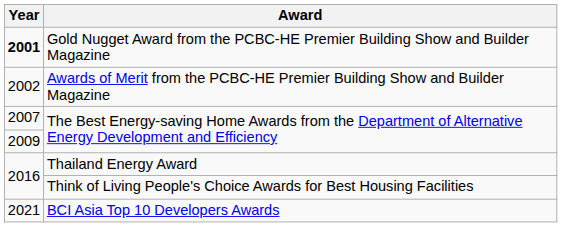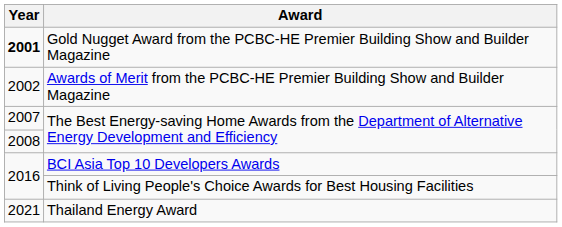 <table class="wikitable">
 <tr>
 <th>Year</th>
 <th>Award</th>
 </tr>
 <tr>
 <td><strong>2001</strong></td>
 <td>Gold Nugget Award from the PCBC-HE Premier Building Show and Builder Magazine</td>
 </tr>
 <tr>
 <td>2002</td>
 <td><a href='#'>Awards of Merit</a> from the PCBC-HE Premier Building Show and Builder Magazine</td>
 </tr>
 <tr>
 <td>2007</td>
 <td rowspan="2">The Best Energy-saving Home Awards from the <a href='#'>Department of Alternative Energy Development and Efficiency</a></td>
 </tr>
 <tr>
-<td>2009</td>
+<td>2008</td>
 </tr>
 <tr>
 <td rowspan="2">2016</td>
-<td>Thailand Energy Award</td>
+<td><a href='#'>BCI Asia Top 10 Developers Awards</a></td>
 </tr>
 <tr>
 <td>Think of Living People's Choice Awards for Best Housing Facilities</td>
 </tr>
 <tr>
 <td>2021</td>
-<td><a href='#'>BCI Asia Top 10 Developers Awards</a></td>
+<td>Thailand Energy Award</td>
 </tr>
 </table>
